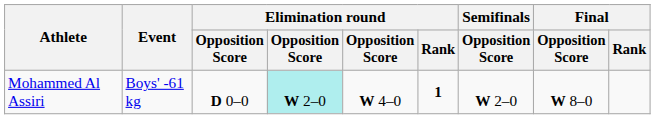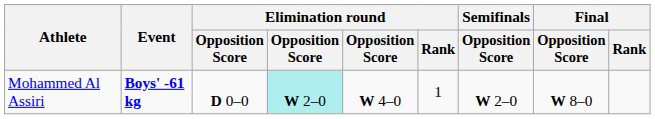 <table class="wikitable" style="font-size:90%">
 <tr>
 <th rowspan=2>Athlete</th>
 <th rowspan=2>Event</th>
 <th colspan=4>Elimination round</th>
 <th>Semifinals</th>
 <th colspan=2>Final</th>
 </tr>
 <tr style="font-size:95%">
 <th>Opposition<br>Score</th>
 <th>Opposition<br>Score</th>
 <th>Opposition<br>Score</th>
 <th>Rank</th>
 <th>Opposition<br>Score</th>
 <th>Opposition<br>Score</th>
 <th>Rank</th>
 </tr>
 <tr align=center>
 <td align=left><a href='#'>Mohammed Al Assiri</a></td>
-<td align=left><a href='#'>Boys' -61 kg</a></td>
+<td align=left><strong><a href='#'>Boys' -61 kg</a></strong></td>
 <td><br><strong>D</strong> 0–0</td>
 <td style="background: paleturquoise;"><br><strong>W</strong> 2–0</td>
 <td><br><strong>W</strong> 4–0</td>
-<td><strong>1</strong></td>
+<td>1</td>
 <td><br><strong>W</strong> 2–0</td>
 <td><br><strong>W</strong> 8–0</td>
 <td></td>
 </tr>
 </table>
